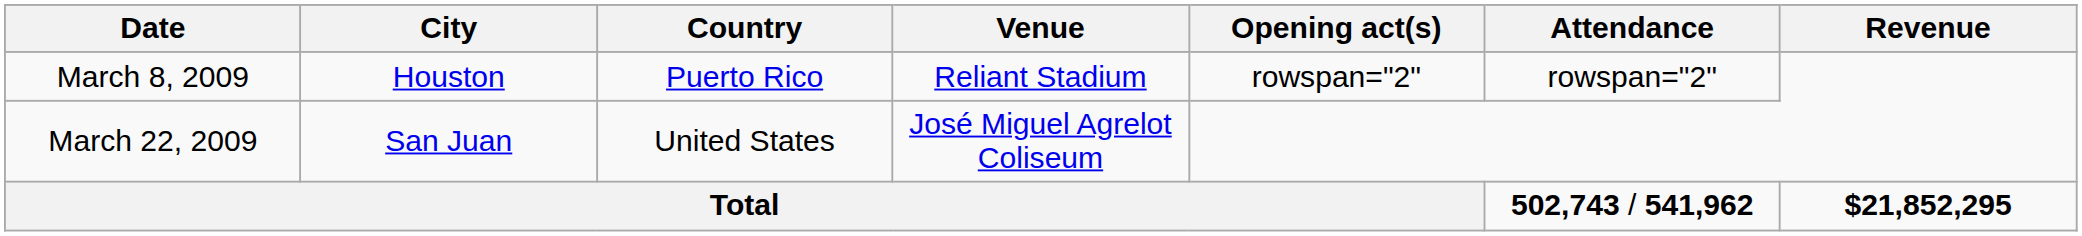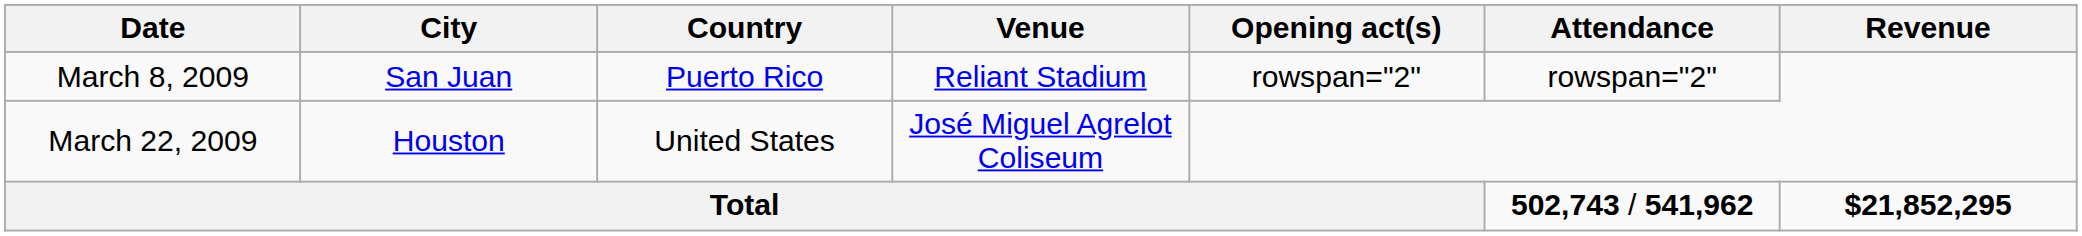 <table class="wikitable" style="text-align:center">
 <tr>
 <th width="150">Date</th>
 <th width="150">City</th>
 <th width="150">Country</th>
 <th width="150">Venue</th>
 <th width="150">Opening act(s)</th>
 <th width=150>Attendance</th>
 <th width=150>Revenue</th>
 </tr>
 <tr>
 <td>March 8, 2009</td>
-<td><a href='#'>Houston</a></td>
+<td><a href='#'>San Juan</a></td>
 <td><a href='#'>Puerto Rico</a></td>
 <td><a href='#'>Reliant Stadium</a></td>
 <td>rowspan="2" </td>
 <td>rowspan="2" </td>
 </tr>
 <tr>
 <td>March 22, 2009</td>
-<td><a href='#'>San Juan</a></td>
+<td><a href='#'>Houston</a></td>
 <td>United States</td>
 <td><a href='#'>José Miguel Agrelot Coliseum</a></td>
 </tr>
 <tr>
 <th colspan="5">Total</th>
 <td><strong>502,743</strong> / <strong>541,962</strong></td>
 <td><strong>$21,852,295</strong></td>
 </tr>
 </table>
